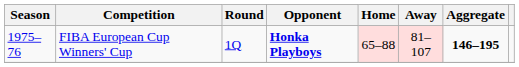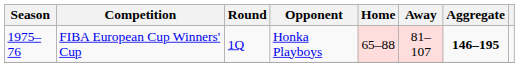 <table class="wikitable" style="text-align:left">
 <tr>
 <th>Season</th>
 <th>Competition</th>
 <th>Round</th>
 <th>Opponent</th>
 <th>Home</th>
 <th>Away</th>
 <th>Aggregate</th>
 <th></th>
 </tr>
 <tr>
 <td><a href='#'>1975–76</a></td>
 <td><a href='#'>FIBA European Cup Winners' Cup</a></td>
 <td><a href='#'>1Q</a></td>
-<td><strong> <a href='#'>Honka Playboys</a></strong></td>
+<td> <a href='#'>Honka Playboys</a></td>
 <td bgcolor="#ffdddd" style="text-align:center;">65–88</td>
 <td bgcolor="#ffdddd" style="text-align:center;">81–107</td>
 <td style="text-align:center;"><strong>146–195</strong></td>
 <td></td>
 </tr>
 <tr>
 </tr>
 </table>
